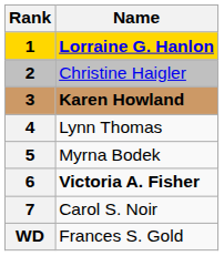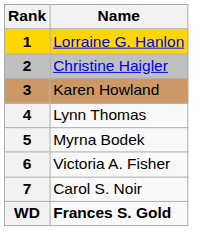 <table class="wikitable">
 <tr>
 <th>Rank</th>
 <th>Name</th>
 </tr>
 <tr bgcolor="gold">
 <td align="center"><strong>1</strong></td>
-<td><strong><a href='#'>Lorraine G. Hanlon</a></strong></td>
+<td><a href='#'>Lorraine G. Hanlon</a></td>
 </tr>
 <tr bgcolor="silver">
 <td align="center"><strong>2</strong></td>
 <td><a href='#'>Christine Haigler</a></td>
 </tr>
 <tr bgcolor="cc9966">
 <td align="center"><strong>3</strong></td>
-<td><strong>Karen Howland</strong></td>
+<td>Karen Howland</td>
 </tr>
 <tr>
 <th>4</th>
 <td>Lynn Thomas</td>
 </tr>
 <tr>
 <th>5</th>
 <td>Myrna Bodek</td>
 </tr>
 <tr>
 <th>6</th>
-<td><strong>Victoria A. Fisher</strong></td>
+<td>Victoria A. Fisher</td>
 </tr>
 <tr>
 <th>7</th>
 <td>Carol S. Noir</td>
 </tr>
 <tr>
 <th>WD</th>
-<td>Frances S. Gold</td>
+<td><strong>Frances S. Gold</strong></td>
 </tr>
 </table>
